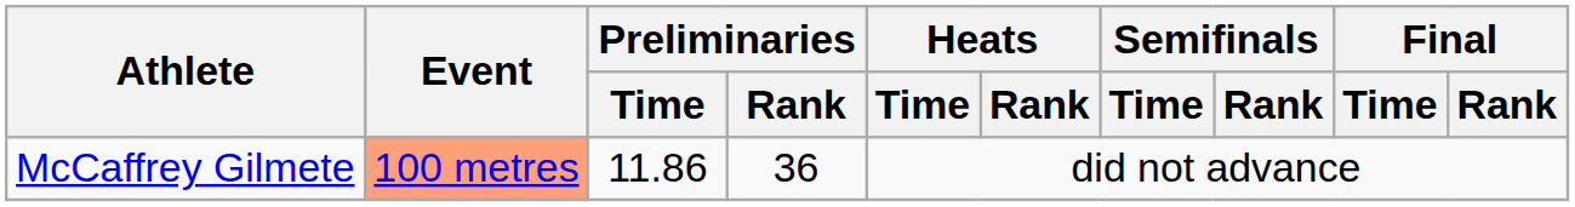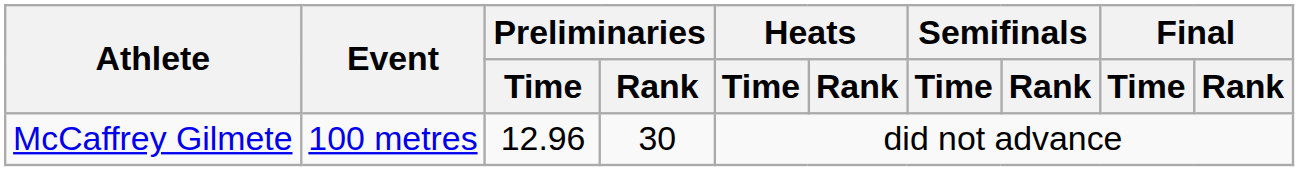 <table class=wikitable style="font-size:90%;">
 <tr>
 <th rowspan=2>Athlete</th>
 <th rowspan=2>Event</th>
 <th colspan=2>Preliminaries</th>
 <th colspan=2>Heats</th>
 <th colspan=2>Semifinals</th>
 <th colspan=2>Final</th>
 </tr>
 <tr>
 <th>Time</th>
 <th>Rank</th>
 <th>Time</th>
 <th>Rank</th>
 <th>Time</th>
 <th>Rank</th>
 <th>Time</th>
 <th>Rank</th>
 </tr>
 <tr>
 <td><a href='#'>McCaffrey Gilmete</a></td>
-<td style="background: lightsalmon;"><a href='#'>100 metres</a></td>
-<td align="center">11.86</td>
-<td align="center">36</td>
+<td><a href='#'>100 metres</a></td>
+<td align="center">12.96</td>
+<td align="center">30</td>
 <td align="center" colspan=6>did not advance</td>
 </tr>
 </table>
